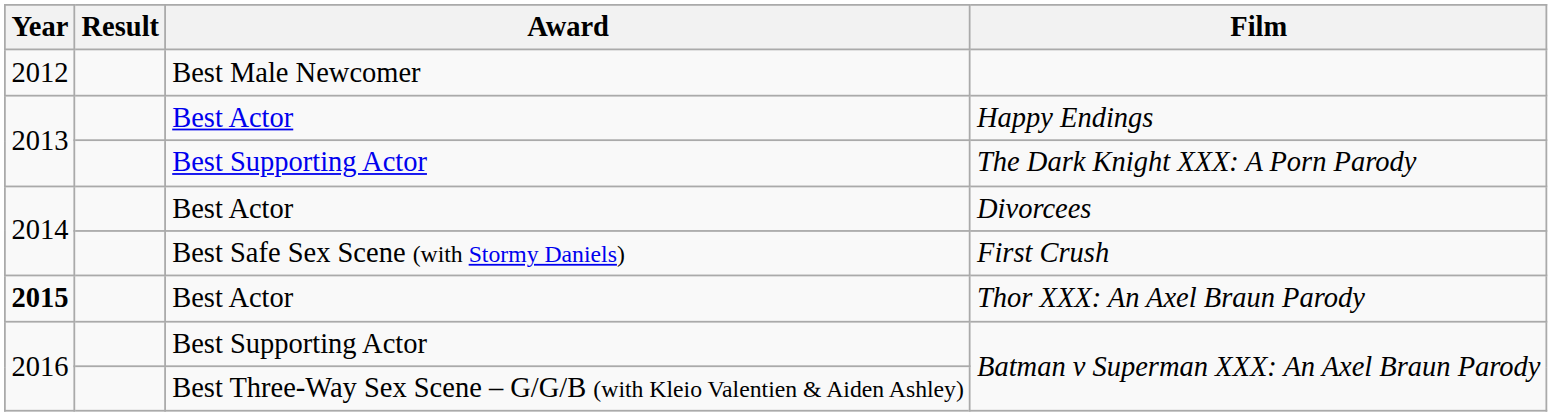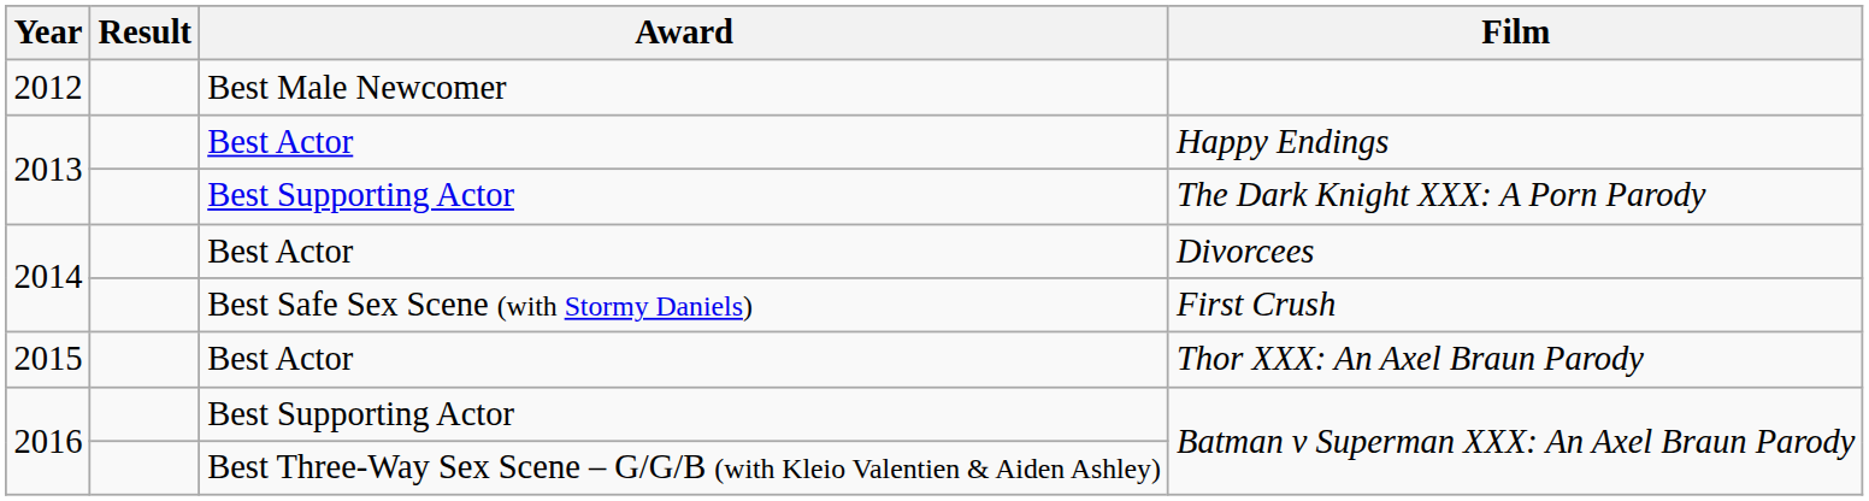 <table class="wikitable">
 <tr>
 <th>Year</th>
 <th>Result</th>
 <th>Award</th>
 <th>Film</th>
 </tr>
 <tr>
 <td>2012</td>
 <td></td>
 <td>Best Male Newcomer</td>
 <td></td>
 </tr>
 <tr>
 <td rowspan="2">2013</td>
 <td></td>
 <td><a href='#'>Best Actor</a></td>
 <td><em>Happy Endings</em></td>
 </tr>
 <tr>
 <td></td>
 <td><a href='#'>Best Supporting Actor</a></td>
 <td><em>The Dark Knight XXX: A Porn Parody</em></td>
 </tr>
 <tr>
 <td rowspan="2">2014</td>
 <td></td>
 <td>Best Actor</td>
 <td><em>Divorcees</em></td>
 </tr>
 <tr>
 <td></td>
 <td>Best Safe Sex Scene <small>(with <a href='#'>Stormy Daniels</a>)</small></td>
 <td><em>First Crush</em></td>
 </tr>
 <tr>
-<td><strong>2015</strong></td>
+<td>2015</td>
 <td></td>
 <td>Best Actor</td>
 <td><em>Thor XXX: An Axel Braun Parody</em></td>
 </tr>
 <tr>
 <td rowspan="2">2016</td>
 <td></td>
 <td>Best Supporting Actor</td>
 <td rowspan="2"><em>Batman v Superman XXX: An Axel Braun Parody</em></td>
 </tr>
 <tr>
 <td></td>
 <td>Best Three-Way Sex Scene – G/G/B <small>(with Kleio Valentien & Aiden Ashley)</small></td>
 </tr>
 </table>
